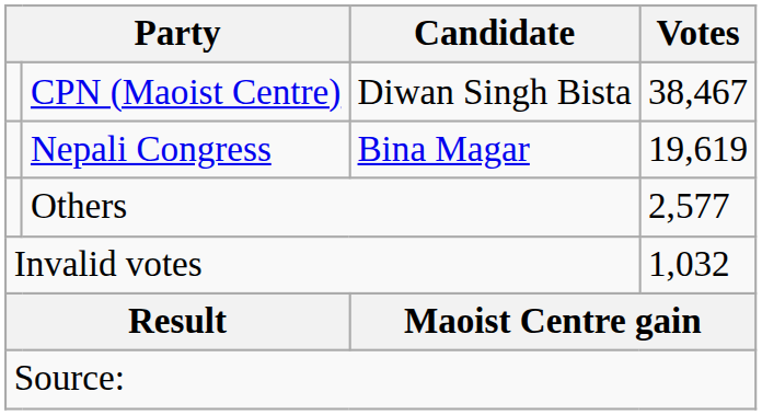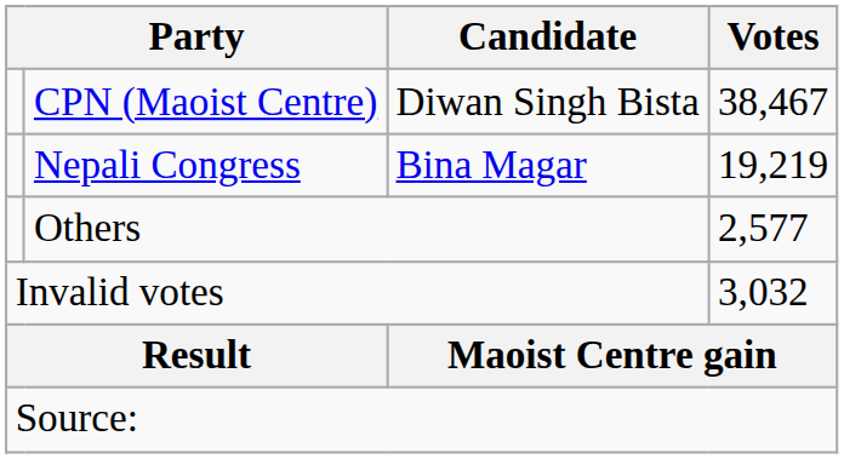 <table class="wikitable">
 <tr>
 <th colspan="2">Party</th>
 <th>Candidate</th>
 <th>Votes</th>
 </tr>
 <tr>
 <td style="background-color:"></td>
 <td><a href='#'>CPN (Maoist Centre)</a></td>
 <td>Diwan Singh Bista</td>
 <td>38,467</td>
 </tr>
 <tr>
 <td style="background-color:"></td>
 <td><a href='#'>Nepali Congress</a></td>
 <td><a href='#'>Bina Magar</a></td>
-<td>19,619</td>
+<td>19,219</td>
 </tr>
 <tr>
 <td></td>
 <td colspan="2">Others</td>
 <td>2,577</td>
 </tr>
 <tr>
 <td colspan="3">Invalid votes</td>
-<td>1,032</td>
+<td>3,032</td>
 </tr>
 <tr>
 <th colspan="2">Result</th>
 <th colspan="2">Maoist Centre gain</th>
 </tr>
 <tr>
 <td colspan="4">Source: </td>
 </tr>
 </table>
